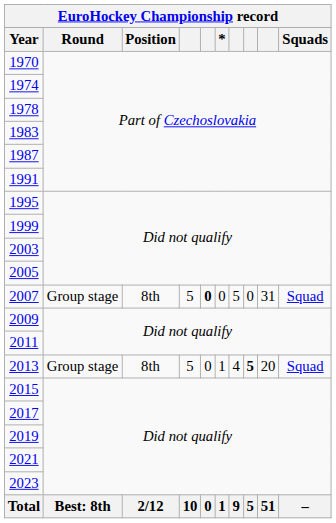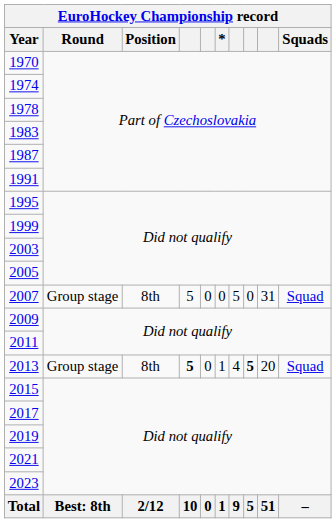 <table class="wikitable" style="text-align: center;">
 <tr>
 <th colspan=10><a href='#'>EuroHockey Championship</a> record</th>
 </tr>
 <tr>
 <th>Year</th>
 <th>Round</th>
 <th>Position</th>
 <th></th>
 <th></th>
 <th>*</th>
 <th></th>
 <th></th>
 <th></th>
 <th>Squads</th>
 </tr>
 <tr>
 <td> <a href='#'>1970</a></td>
 <td colspan=9 rowspan=6><em>Part of <a href='#'>Czechoslovakia</a></em></td>
 </tr>
 <tr>
 <td> <a href='#'>1974</a></td>
 </tr>
 <tr>
 <td> <a href='#'>1978</a></td>
 </tr>
 <tr>
 <td> <a href='#'>1983</a></td>
 </tr>
 <tr>
 <td> <a href='#'>1987</a></td>
 </tr>
 <tr>
 <td> <a href='#'>1991</a></td>
 </tr>
 <tr>
 <td> <a href='#'>1995</a></td>
 <td colspan=9 rowspan=4><em>Did not qualify</em></td>
 </tr>
 <tr>
 <td> <a href='#'>1999</a></td>
 </tr>
 <tr>
 <td> <a href='#'>2003</a></td>
 </tr>
 <tr>
 <td> <a href='#'>2005</a></td>
 </tr>
 <tr>
 <td> <a href='#'>2007</a></td>
 <td>Group stage</td>
 <td>8th</td>
 <td>5</td>
-<td><strong>0</strong></td>
+<td>0</td>
 <td>0</td>
 <td>5</td>
 <td>0</td>
 <td>31</td>
 <td><a href='#'>Squad</a></td>
 </tr>
 <tr>
 <td> <a href='#'>2009</a></td>
 <td colspan=9 rowspan=2><em>Did not qualify</em></td>
 </tr>
 <tr>
 <td> <a href='#'>2011</a></td>
 </tr>
 <tr>
 <td> <a href='#'>2013</a></td>
 <td>Group stage</td>
 <td>8th</td>
-<td>5</td>
+<td><strong>5</strong></td>
 <td>0</td>
 <td>1</td>
 <td>4</td>
 <td><strong>5</strong></td>
 <td>20</td>
 <td><a href='#'>Squad</a></td>
 </tr>
 <tr>
 <td> <a href='#'>2015</a></td>
 <td colspan=9 rowspan=5><em>Did not qualify</em></td>
 </tr>
 <tr>
 <td> <a href='#'>2017</a></td>
 </tr>
 <tr>
 <td> <a href='#'>2019</a></td>
 </tr>
 <tr>
 <td> <a href='#'>2021</a></td>
 </tr>
 <tr>
 <td> <a href='#'>2023</a></td>
 </tr>
 <tr>
 <th>Total</th>
 <th>Best: 8th</th>
 <th>2/12</th>
 <th>10</th>
 <th>0</th>
 <th>1</th>
 <th>9</th>
 <th>5</th>
 <th>51</th>
 <th>–</th>
 </tr>
 </table>
